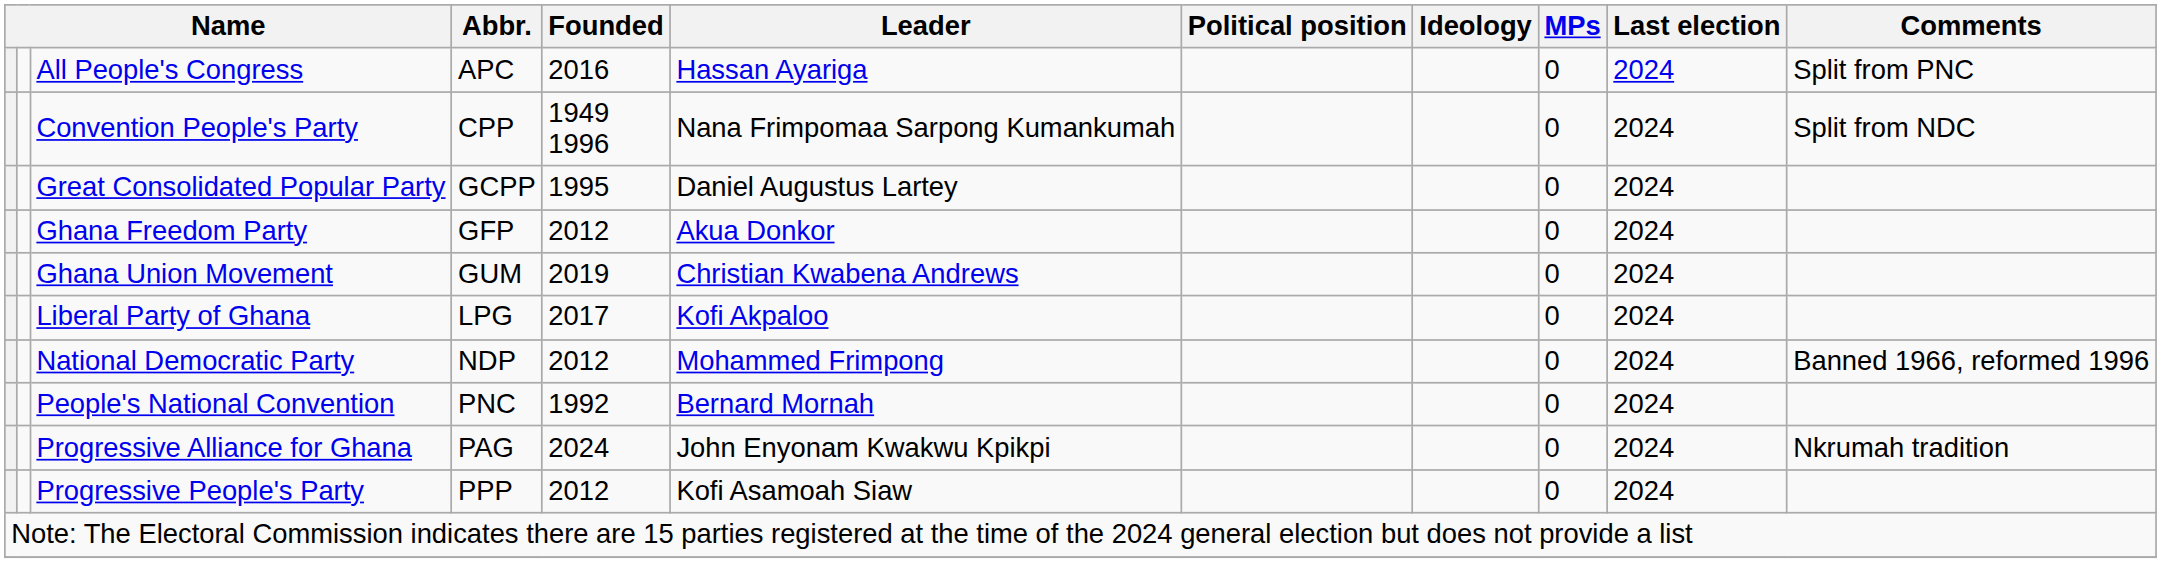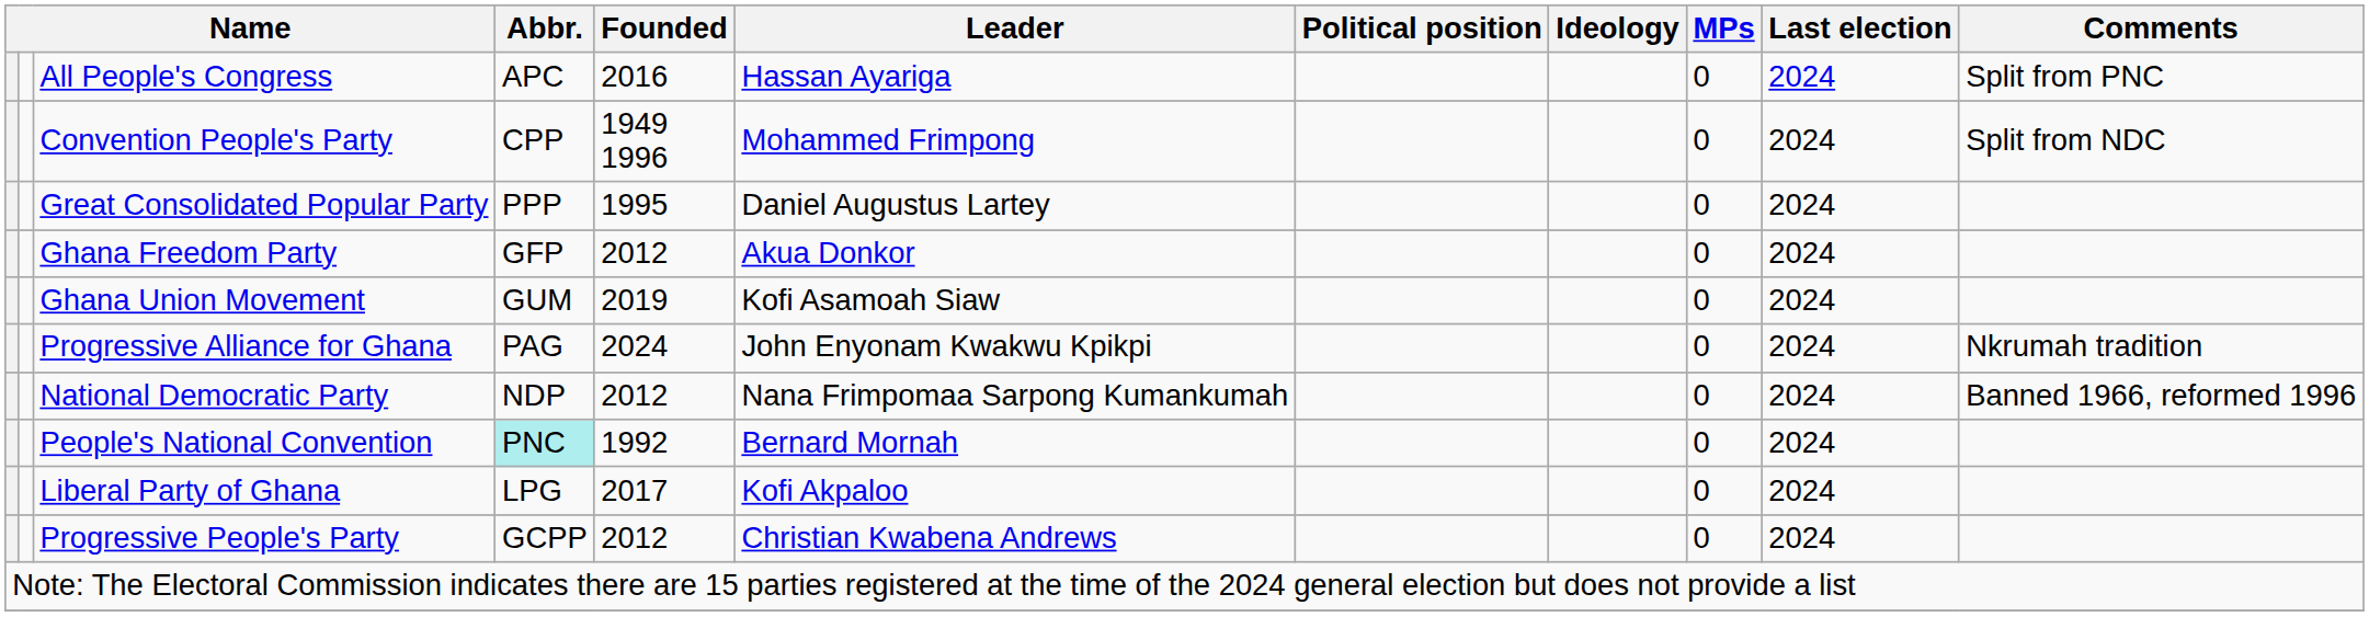 <table class="wikitable">
 <tr>
 <th colspan=3>Name</th>
 <th>Abbr.</th>
 <th>Founded</th>
 <th>Leader</th>
 <th>Political position</th>
 <th>Ideology</th>
 <th><a href='#'>MPs</a></th>
 <th>Last election</th>
 <th>Comments</th>
 </tr>
 <tr>
 <th style="background-color:"></th>
 <td></td>
 <td><a href='#'>All People's Congress</a><br></td>
 <td>APC</td>
 <td>2016</td>
 <td><a href='#'>Hassan Ayariga</a></td>
 <td></td>
 <td></td>
 <td>0</td>
 <td><a href='#'>2024</a></td>
 <td>Split from PNC</td>
 </tr>
 <tr>
 <th style="background-color:"></th>
 <td></td>
 <td><a href='#'>Convention People's Party</a><br></td>
 <td>CPP</td>
 <td>1949<br>1996</td>
-<td>Nana Frimpomaa Sarpong Kumankumah</td>
+<td><a href='#'>Mohammed Frimpong</a></td>
 <td></td>
 <td></td>
 <td>0</td>
 <td>2024</td>
 <td>Split from NDC</td>
 </tr>
 <tr>
 <th style="background-color:"></th>
 <td></td>
 <td><a href='#'>Great Consolidated Popular Party</a><br></td>
-<td>GCPP</td>
+<td>PPP</td>
 <td>1995</td>
 <td>Daniel Augustus Lartey</td>
 <td></td>
 <td></td>
 <td>0</td>
 <td>2024</td>
 <td></td>
 </tr>
 <tr>
 <th style="background-color:"></th>
 <td></td>
 <td><a href='#'>Ghana Freedom Party</a><br></td>
 <td>GFP</td>
 <td>2012</td>
 <td><a href='#'>Akua Donkor</a></td>
 <td></td>
 <td></td>
 <td>0</td>
 <td>2024</td>
 <td></td>
 </tr>
 <tr>
 <th style="background-color:"></th>
 <td></td>
 <td><a href='#'>Ghana Union Movement</a><br></td>
 <td>GUM</td>
 <td>2019</td>
-<td><a href='#'>Christian Kwabena Andrews</a></td>
+<td>Kofi Asamoah Siaw</td>
+<td></td>
+<td></td>
+<td>0</td>
+<td>2024</td>
+<td></td>
+</tr>
+<tr>
+<th style="background-color:"></th>
+<td></td>
+<td><a href='#'>Progressive Alliance for Ghana</a><br></td>
+<td>PAG</td>
+<td>2024</td>
+<td>John Enyonam Kwakwu Kpikpi</td>
+<td></td>
+<td></td>
+<td>0</td>
+<td>2024</td>
+<td>Nkrumah tradition</td>
+</tr>
+<tr>
+<th style="background-color:"></th>
+<td></td>
+<td><a href='#'>National Democratic Party</a><br></td>
+<td>NDP</td>
+<td>2012</td>
+<td>Nana Frimpomaa Sarpong Kumankumah</td>
+<td></td>
+<td></td>
+<td>0</td>
+<td>2024</td>
+<td>Banned 1966, reformed 1996</td>
+</tr>
+<tr>
+<th style="background-color:"></th>
+<td></td>
+<td><a href='#'>People's National Convention</a><br></td>
+<td style="background: paleturquoise;">PNC</td>
+<td>1992</td>
+<td><a href='#'>Bernard Mornah</a></td>
 <td></td>
 <td></td>
 <td>0</td>
 <td>2024</td>
 <td></td>
 </tr>
 <tr>
 <th style="background-color:"></th>
 <td></td>
 <td><a href='#'>Liberal Party of Ghana</a><br></td>
 <td>LPG</td>
 <td>2017</td>
 <td><a href='#'>Kofi Akpaloo</a></td>
 <td></td>
 <td></td>
 <td>0</td>
 <td>2024</td>
 <td></td>
 </tr>
 <tr>
 <th style="background-color:"></th>
 <td></td>
-<td><a href='#'>National Democratic Party</a><br></td>
-<td>NDP</td>
+<td><a href='#'>Progressive People's Party</a><br></td>
+<td>GCPP</td>
 <td>2012</td>
-<td><a href='#'>Mohammed Frimpong</a></td>
-<td></td>
-<td></td>
-<td>0</td>
-<td>2024</td>
-<td>Banned 1966, reformed 1996</td>
-</tr>
-<tr>
-<th style="background-color:"></th>
-<td></td>
-<td><a href='#'>People's National Convention</a><br></td>
-<td>PNC</td>
-<td>1992</td>
-<td><a href='#'>Bernard Mornah</a></td>
-<td></td>
-<td></td>
-<td>0</td>
-<td>2024</td>
-<td></td>
-</tr>
-<tr>
-<th style="background-color:"></th>
-<td></td>
-<td><a href='#'>Progressive Alliance for Ghana</a><br></td>
-<td>PAG</td>
-<td>2024</td>
-<td>John Enyonam Kwakwu Kpikpi</td>
-<td></td>
-<td></td>
-<td>0</td>
-<td>2024</td>
-<td>Nkrumah tradition</td>
-</tr>
-<tr>
-<th style="background-color:"></th>
-<td></td>
-<td><a href='#'>Progressive People's Party</a><br></td>
-<td>PPP</td>
-<td>2012</td>
-<td>Kofi Asamoah Siaw</td>
+<td><a href='#'>Christian Kwabena Andrews</a></td>
 <td></td>
 <td></td>
 <td>0</td>
 <td>2024</td>
 <td></td>
 </tr>
 <tr>
 <td colspan=11>Note: The Electoral Commission indicates there are 15 parties registered at the time of the 2024 general election but does not provide a list</td>
 </tr>
 <tr>
 </tr>
 </table>
